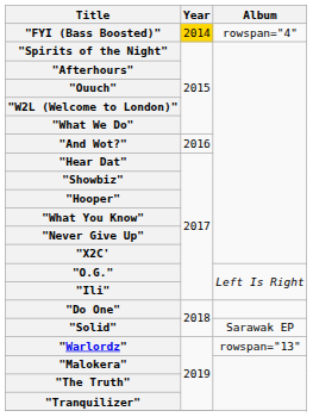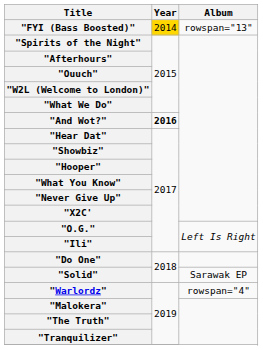 <table class="wikitable plainrowheaders" style="text-align:center;">
 <tr>
 <th scope="col" rowspan="1">Title</th>
 <th scope="col" rowspan="1">Year</th>
 <th scope="col" rowspan="1">Album</th>
 </tr>
 <tr>
 <th scope="row">"FYI (Bass Boosted)"</th>
 <td style="background: gold;">2014</td>
-<td>rowspan="4" </td>
+<td>rowspan="13" </td>
 </tr>
 <tr>
 <th scope="row">"Spirits of the Night"</th>
 <td rowspan="5">2015</td>
 </tr>
 <tr>
 <th scope="row">"Afterhours"<br></th>
 </tr>
 <tr>
 <th scope="row">"Ouuch"</th>
 </tr>
 <tr>
 <th scope="row">"W2L (Welcome to London)"</th>
 </tr>
 <tr>
 <th scope="row">"What We Do"<br></th>
 </tr>
 <tr>
 <th scope="row">"And Wot?"</th>
-<td>2016</td>
+<td><strong>2016</strong></td>
 </tr>
 <tr>
 <th scope="row">"Hear Dat"</th>
 <td rowspan="8">2017</td>
 </tr>
 <tr>
 <th scope="row">"Showbiz"<br></th>
 </tr>
 <tr>
 <th scope="row">"Hooper"<br></th>
 </tr>
 <tr>
 <th scope="row">"What You Know"</th>
 </tr>
 <tr>
 <th scope="row">"Never Give Up"</th>
 </tr>
 <tr>
 <th scope="row">"X2C'</th>
 </tr>
 <tr>
 <th scope="row">"O.G."</th>
 <td rowspan="2"><em>Left Is Right</em></td>
 </tr>
 <tr>
 <th scope="row">"Ili"</th>
 </tr>
 <tr>
 <th scope="row">"Do One"</th>
 <td rowspan="2">2018</td>
 <td></td>
 </tr>
 <tr>
 <th scope="row">"Solid"<br></th>
 <td>Sarawak EP</td>
 </tr>
 <tr>
 <th scope="row">"<a href='#'>Warlordz</a>"<br></th>
 <td rowspan="4">2019</td>
-<td>rowspan="13" </td>
+<td>rowspan="4" </td>
 </tr>
 <tr>
 <th scope="row">"Malokera"<br></th>
 </tr>
 <tr>
 <th scope="row">"The Truth"</th>
 </tr>
 <tr>
 <th scope="row">"Tranquilizer"<br></th>
 </tr>
 <tr>
 </tr>
 </table>
